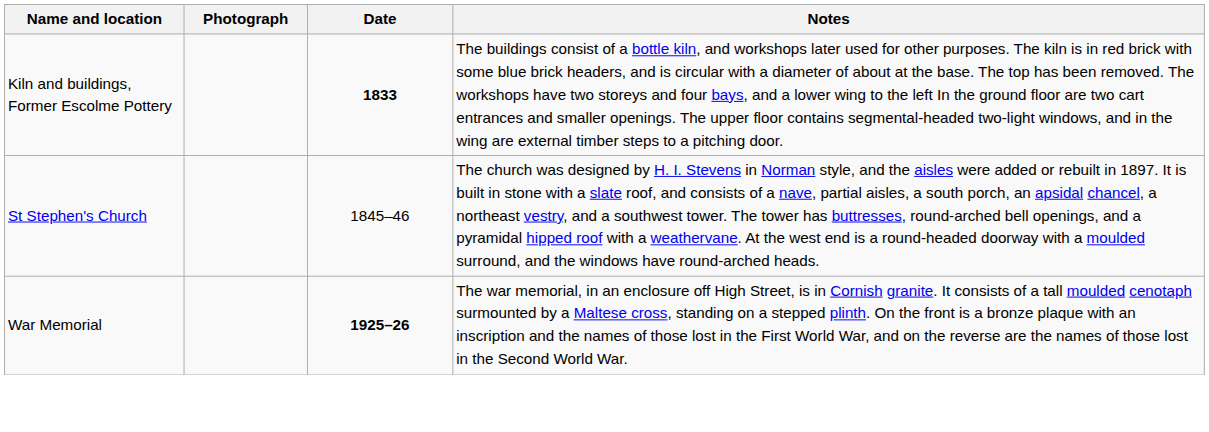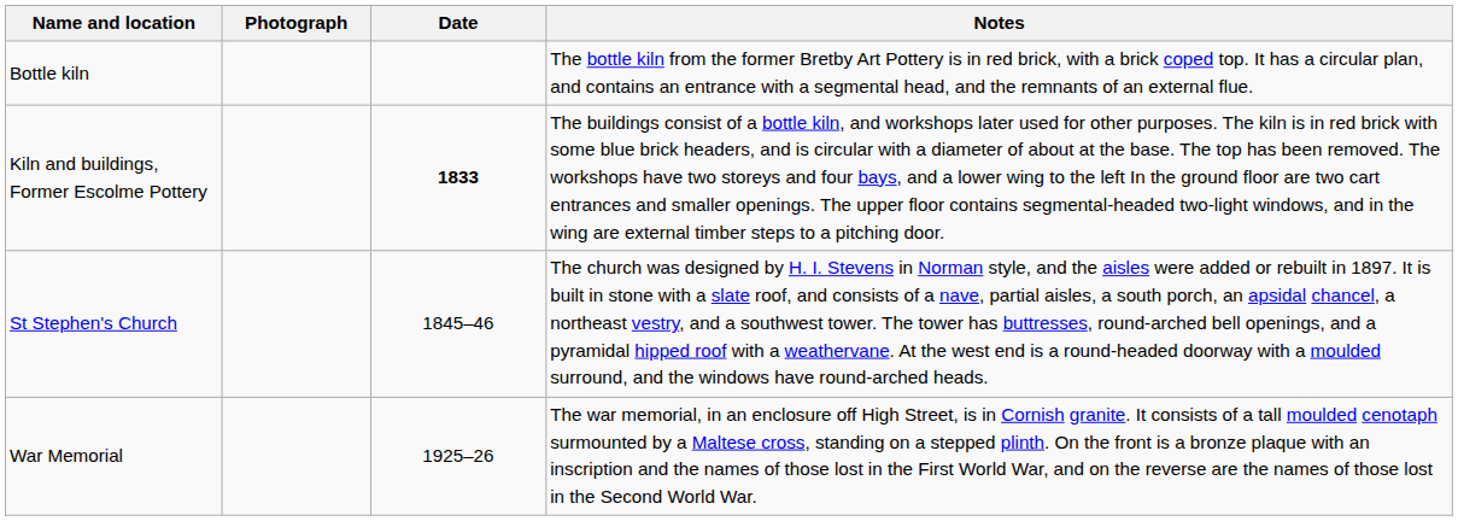 <table class="wikitable sortable plainrowheaders" style="width:100%;border:0px;text-align:left;line-height:150%;">
 <tr>
 <th scope="col"  style="width:150px">Name and location</th>
 <th scope="col"  style="width:100px" class="unsortable">Photograph</th>
 <th scope="col"  style="width:120px">Date</th>
 <th scope="col"  style="width:650px" class="unsortable">Notes</th>
+</tr>
+<tr>
+<td>Bottle kiln<br><small></small></td>
+<td></td>
+<td align="center"></td>
+<td>The <a href='#'>bottle kiln</a> from the former Bretby Art Pottery is in red brick, with a brick <a href='#'>coped</a> top.  It has a circular plan, and contains an entrance with a segmental head, and the remnants of an external flue.</td>
 </tr>
 <tr>
 <td>Kiln and buildings,<br>Former Escolme Pottery<br><small></small></td>
 <td></td>
 <td align="center"><strong>1833</strong></td>
 <td>The buildings consist of a <a href='#'>bottle kiln</a>, and workshops later used for other purposes.  The kiln is in red brick with some blue brick headers, and is circular with a diameter of about  at the base.  The top has been removed.  The workshops have two storeys and four <a href='#'>bays</a>, and a lower wing to the left   In the ground floor are two cart entrances and smaller openings.  The upper floor contains segmental-headed two-light windows, and in the wing are external timber steps to a pitching door.</td>
 </tr>
 <tr>
 <td><a href='#'>St Stephen's Church</a><br><small></small></td>
 <td></td>
 <td align="center">1845–46</td>
 <td>The church was designed by <a href='#'>H. I. Stevens</a> in <a href='#'>Norman</a> style, and the <a href='#'>aisles</a> were added or rebuilt in 1897.  It is built in stone with a <a href='#'>slate</a> roof, and consists of a <a href='#'>nave</a>, partial aisles, a south porch, an <a href='#'>apsidal</a> <a href='#'>chancel</a>, a northeast <a href='#'>vestry</a>, and a southwest tower.  The tower has <a href='#'>buttresses</a>, round-arched bell openings, and a pyramidal <a href='#'>hipped roof</a> with a <a href='#'>weathervane</a>.  At the west end is a round-headed doorway with a <a href='#'>moulded</a> surround, and the windows have round-arched heads.</td>
 </tr>
 <tr>
 <td>War Memorial<br><small></small></td>
 <td></td>
-<td align="center"><strong>1925–26</strong></td>
+<td align="center">1925–26</td>
 <td>The war memorial, in an enclosure off High Street, is in <a href='#'>Cornish</a> <a href='#'>granite</a>.  It consists of a tall <a href='#'>moulded</a> <a href='#'>cenotaph</a> surmounted by a <a href='#'>Maltese cross</a>, standing on a stepped <a href='#'>plinth</a>.  On the front is a bronze plaque with an inscription and the names of those lost in the First World War, and on the reverse are the names of those lost in the Second World War.</td>
 </tr>
 <tr>
 </tr>
 </table>
